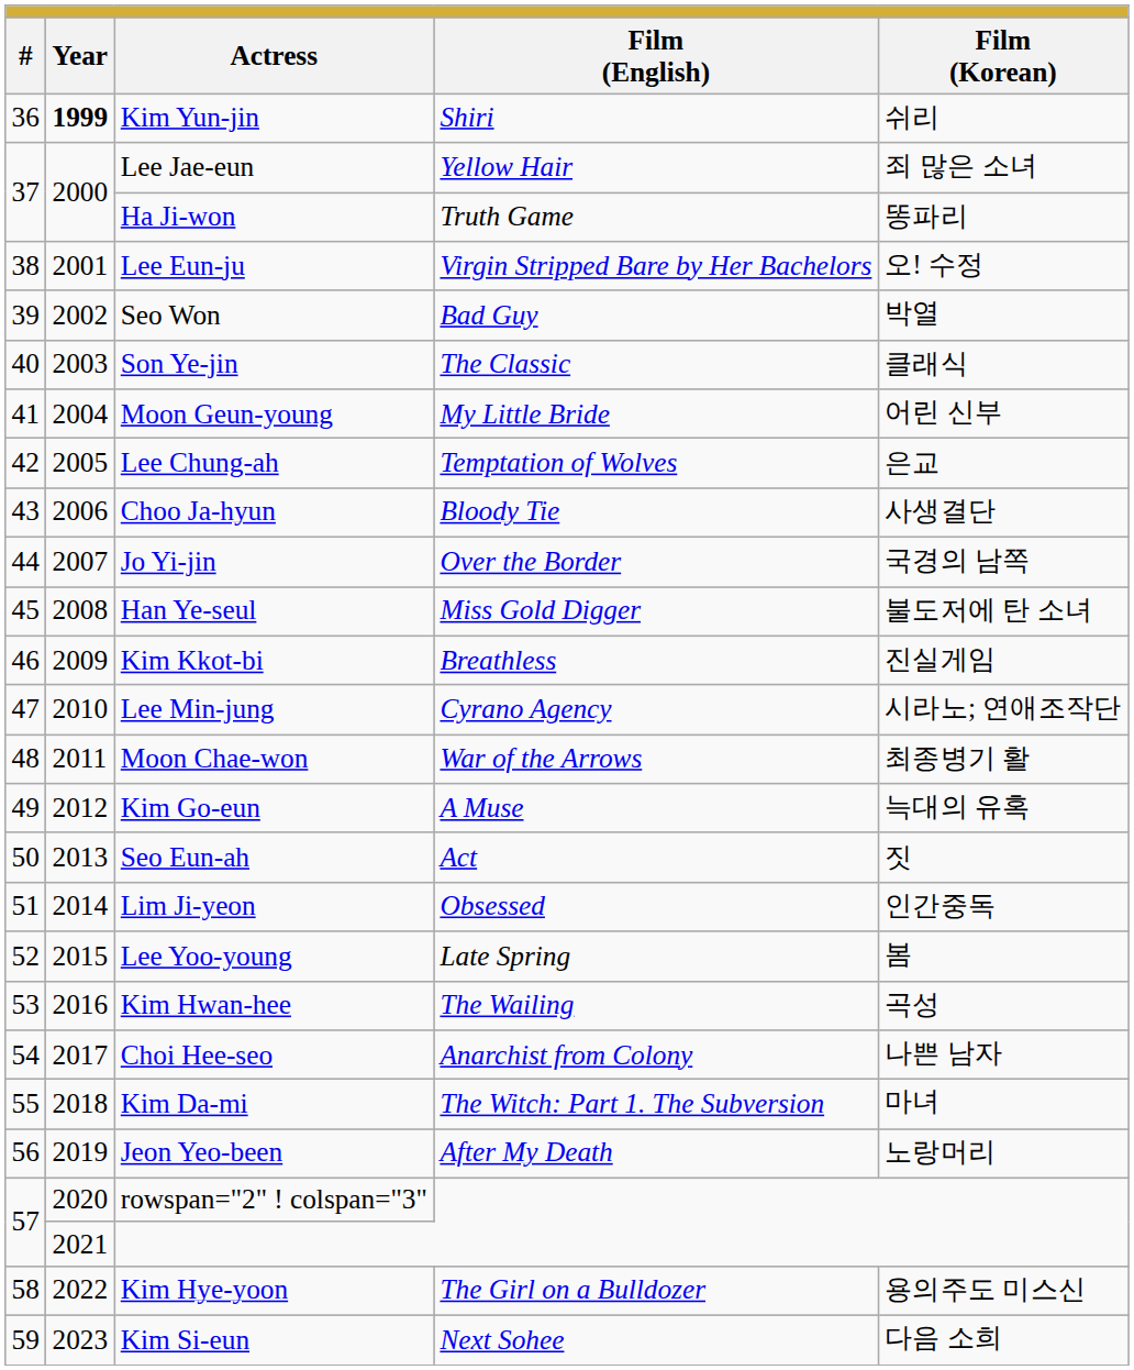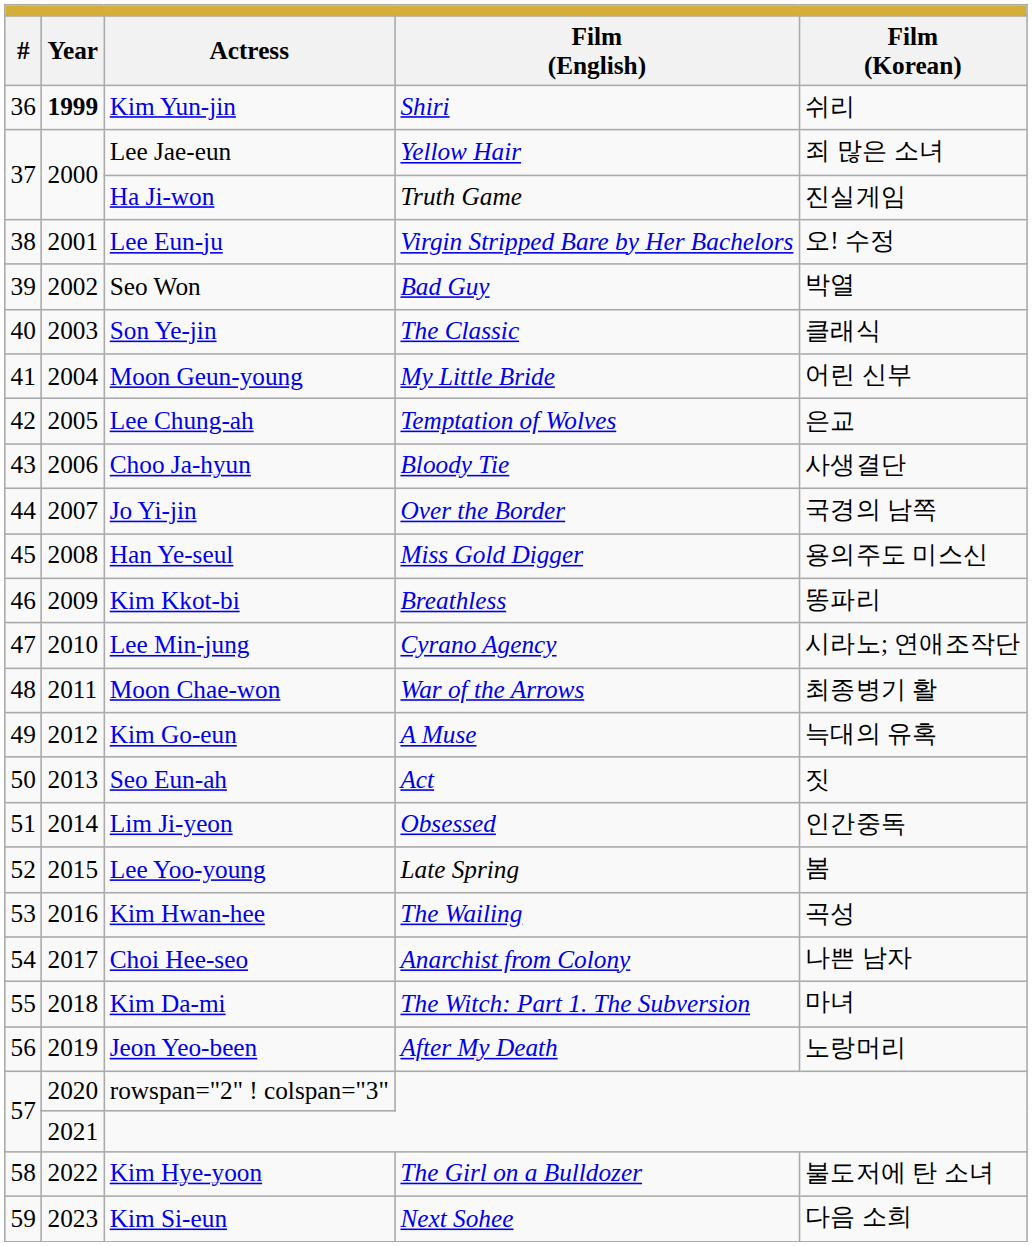 <table class="wikitable collapsible collapsed">
 <tr>
 <th colspan="5" style="background: #D4AF37;"></th>
 </tr>
 <tr>
 <th>#</th>
 <th>Year</th>
 <th>Actress</th>
 <th>Film<br>(English)</th>
 <th>Film<br>(Korean)</th>
 </tr>
 <tr>
 <td>36</td>
 <td><strong>1999</strong></td>
 <td><a href='#'>Kim Yun-jin</a></td>
 <td><em><a href='#'>Shiri</a></em></td>
 <td>쉬리</td>
 </tr>
 <tr>
 <td rowspan="2">37</td>
 <td rowspan="2">2000</td>
 <td>Lee Jae-eun</td>
 <td><em><a href='#'>Yellow Hair</a></em></td>
 <td>죄 많은 소녀</td>
 </tr>
 <tr>
 <td><a href='#'>Ha Ji-won</a></td>
 <td><em>Truth Game</em></td>
-<td>똥파리</td>
+<td>진실게임</td>
 </tr>
 <tr>
 <td>38</td>
 <td>2001</td>
 <td><a href='#'>Lee Eun-ju</a></td>
 <td><em><a href='#'>Virgin Stripped Bare by Her Bachelors</a></em></td>
 <td>오! 수정</td>
 </tr>
 <tr>
 <td>39</td>
 <td>2002</td>
 <td>Seo Won</td>
 <td><em><a href='#'>Bad Guy</a></em></td>
 <td>박열</td>
 </tr>
 <tr>
 <td>40</td>
 <td>2003</td>
 <td><a href='#'>Son Ye-jin</a></td>
 <td><em><a href='#'>The Classic</a></em></td>
 <td>클래식</td>
 </tr>
 <tr>
 <td>41</td>
 <td>2004</td>
 <td><a href='#'>Moon Geun-young</a></td>
 <td><em><a href='#'>My Little Bride</a></em></td>
 <td>어린 신부</td>
 </tr>
 <tr>
 <td>42</td>
 <td>2005</td>
 <td><a href='#'>Lee Chung-ah</a></td>
 <td><em><a href='#'>Temptation of Wolves</a></em></td>
 <td>은교</td>
 </tr>
 <tr>
 <td>43</td>
 <td>2006</td>
 <td><a href='#'>Choo Ja-hyun</a></td>
 <td><em><a href='#'>Bloody Tie</a></em></td>
 <td>사생결단</td>
 </tr>
 <tr>
 <td>44</td>
 <td>2007</td>
 <td><a href='#'>Jo Yi-jin</a></td>
 <td><em><a href='#'>Over the Border</a></em></td>
 <td>국경의 남쪽</td>
 </tr>
 <tr>
 <td>45</td>
 <td>2008</td>
 <td><a href='#'>Han Ye-seul</a></td>
 <td><em><a href='#'>Miss Gold Digger</a></em></td>
-<td>불도저에 탄 소녀</td>
+<td>용의주도 미스신</td>
 </tr>
 <tr>
 <td>46</td>
 <td>2009</td>
 <td><a href='#'>Kim Kkot-bi</a></td>
 <td><em><a href='#'>Breathless</a></em></td>
-<td>진실게임</td>
+<td>똥파리</td>
 </tr>
 <tr>
 <td>47</td>
 <td>2010</td>
 <td><a href='#'>Lee Min-jung</a></td>
 <td><em><a href='#'>Cyrano Agency</a></em></td>
 <td>시라노; 연애조작단</td>
 </tr>
 <tr>
 <td>48</td>
 <td>2011</td>
 <td><a href='#'>Moon Chae-won</a></td>
 <td><em><a href='#'>War of the Arrows</a></em></td>
 <td>최종병기 활</td>
 </tr>
 <tr>
 <td>49</td>
 <td>2012</td>
 <td><a href='#'>Kim Go-eun</a></td>
 <td><em><a href='#'>A Muse</a></em></td>
 <td>늑대의 유혹</td>
 </tr>
 <tr>
 <td>50</td>
 <td>2013</td>
 <td><a href='#'>Seo Eun-ah</a></td>
 <td><em><a href='#'>Act</a></em></td>
 <td>짓</td>
 </tr>
 <tr>
 <td>51</td>
 <td>2014</td>
 <td><a href='#'>Lim Ji-yeon</a></td>
 <td><em><a href='#'>Obsessed</a></em></td>
 <td>인간중독</td>
 </tr>
 <tr>
 <td>52</td>
 <td>2015</td>
 <td><a href='#'>Lee Yoo-young</a></td>
 <td><em>Late Spring</em></td>
 <td>봄</td>
 </tr>
 <tr>
 <td>53</td>
 <td>2016</td>
 <td><a href='#'>Kim Hwan-hee</a></td>
 <td><em><a href='#'>The Wailing</a></em></td>
 <td>곡성</td>
 </tr>
 <tr>
 <td>54</td>
 <td>2017</td>
 <td><a href='#'>Choi Hee-seo</a></td>
 <td><em><a href='#'>Anarchist from Colony</a></em></td>
 <td>나쁜 남자</td>
 </tr>
 <tr>
 <td>55</td>
 <td>2018</td>
 <td><a href='#'>Kim Da-mi</a></td>
 <td><em><a href='#'>The Witch: Part 1. The Subversion</a></em></td>
 <td>마녀</td>
 </tr>
 <tr>
 <td>56</td>
 <td>2019</td>
 <td><a href='#'>Jeon Yeo-been</a></td>
 <td><em><a href='#'>After My Death</a></em></td>
 <td>노랑머리</td>
 </tr>
 <tr>
 <td rowspan="2">57</td>
 <td>2020</td>
 <td>rowspan="2" ! colspan="3" </td>
 </tr>
 <tr>
 <td>2021</td>
 </tr>
 <tr>
 <td>58</td>
 <td>2022</td>
 <td><a href='#'>Kim Hye-yoon</a></td>
 <td><em><a href='#'>The Girl on a Bulldozer</a></em></td>
-<td>용의주도 미스신</td>
+<td>불도저에 탄 소녀</td>
 </tr>
 <tr>
 <td>59</td>
 <td>2023</td>
 <td><a href='#'>Kim Si-eun</a></td>
 <td><em><a href='#'>Next Sohee</a></em></td>
 <td>다음 소희</td>
 </tr>
 <tr>
 </tr>
 </table>
